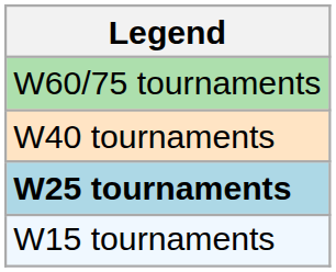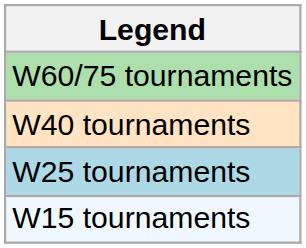 <table class=wikitable style="font-size:85%">
 <tr>
 <th>Legend</th>
 </tr>
 <tr style="background:#addfad;">
 <td>W60/75 tournaments</td>
 </tr>
 <tr style="background:#ffe4c4;">
 <td>W40 tournaments</td>
 </tr>
 <tr style="background:lightblue;">
-<td><strong>W25 tournaments</strong></td>
+<td>W25 tournaments</td>
 </tr>
 <tr style="background:#f0f8ff;">
 <td>W15 tournaments</td>
 </tr>
 </table>
